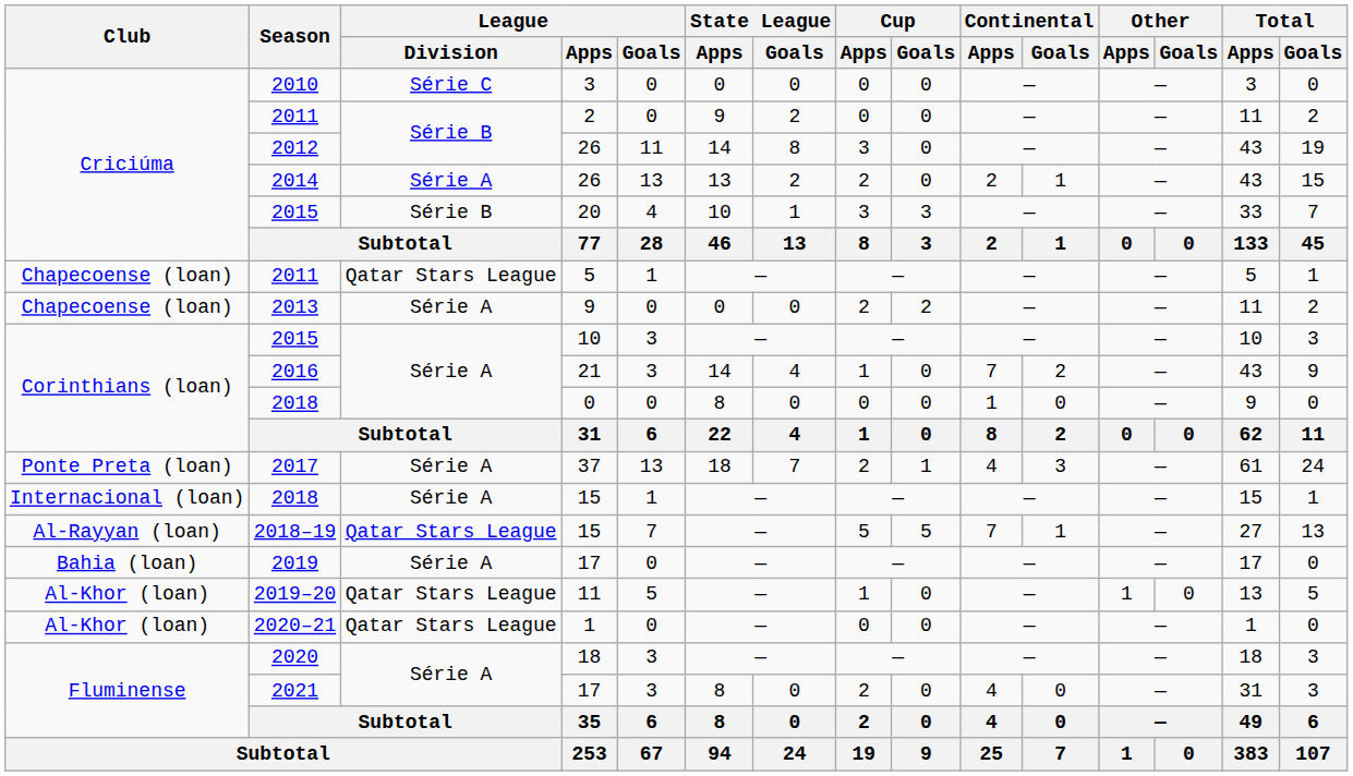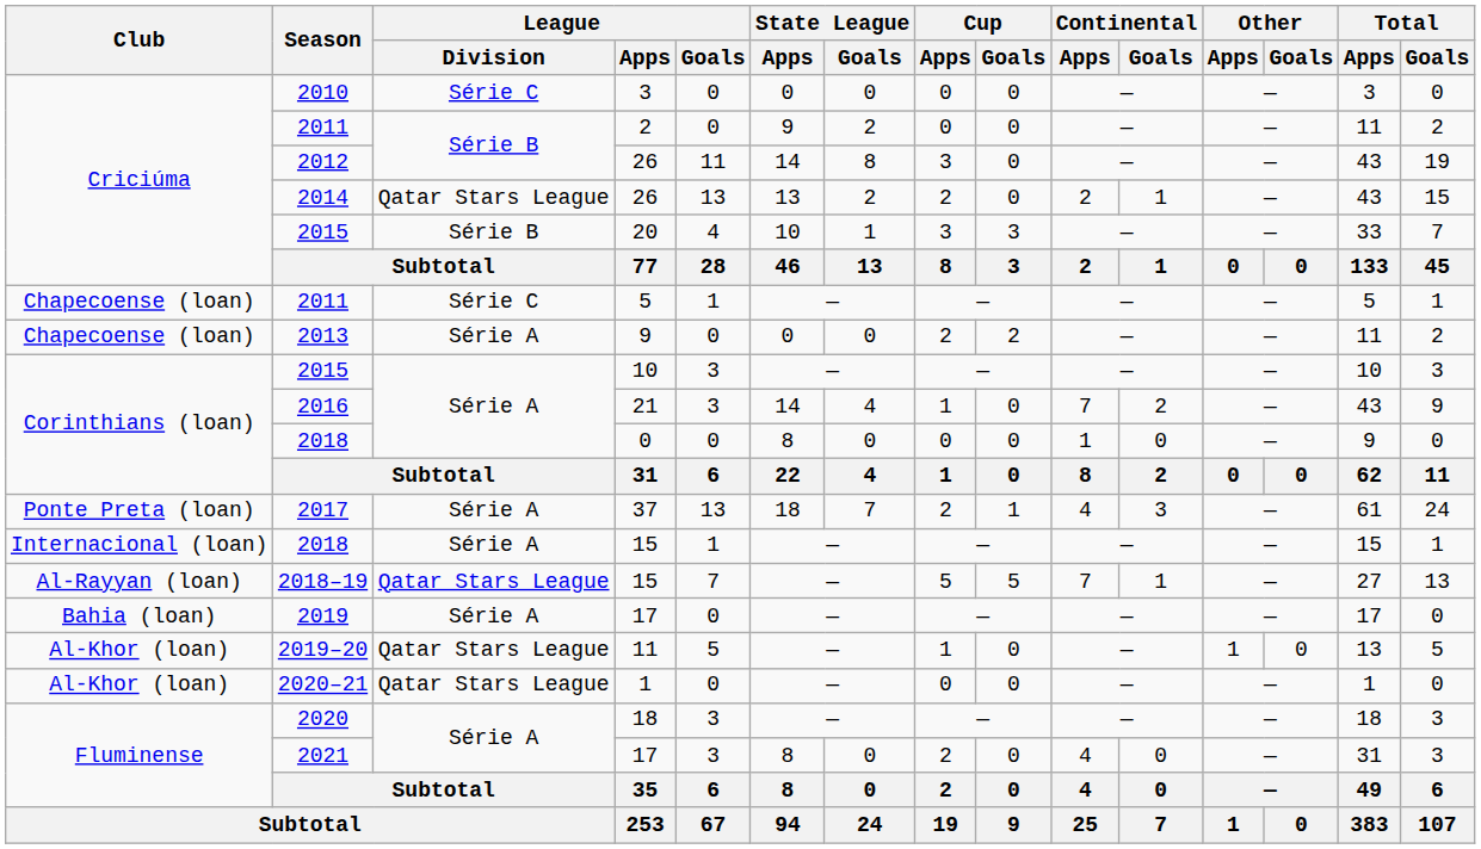 <table class="wikitable" style="text-align: center;">
 <tr>
 <th rowspan="2">Club</th>
 <th rowspan="2">Season</th>
 <th colspan="3">League</th>
 <th colspan="2">State League</th>
 <th colspan="2">Cup</th>
 <th colspan="2">Continental</th>
 <th colspan="2">Other</th>
 <th colspan="2">Total</th>
 </tr>
 <tr>
 <th>Division</th>
 <th>Apps</th>
 <th>Goals</th>
 <th>Apps</th>
 <th>Goals</th>
 <th>Apps</th>
 <th>Goals</th>
 <th>Apps</th>
 <th>Goals</th>
 <th>Apps</th>
 <th>Goals</th>
 <th>Apps</th>
 <th>Goals<br></th>
 </tr>
 <tr>
 <td rowspan="6"><a href='#'>Criciúma</a></td>
 <td><a href='#'>2010</a></td>
 <td><a href='#'>Série C</a></td>
 <td>3</td>
 <td>0</td>
 <td>0</td>
 <td>0</td>
 <td>0</td>
 <td>0</td>
 <td colspan="2">—</td>
 <td colspan="2">—</td>
 <td>3</td>
 <td>0</td>
 </tr>
 <tr>
 <td><a href='#'>2011</a></td>
 <td rowspan="2"><a href='#'>Série B</a></td>
 <td>2</td>
 <td>0</td>
 <td>9</td>
 <td>2</td>
 <td>0</td>
 <td>0</td>
 <td colspan="2">—</td>
 <td colspan="2">—</td>
 <td>11</td>
 <td>2</td>
 </tr>
 <tr>
 <td><a href='#'>2012</a></td>
 <td>26</td>
 <td>11</td>
 <td>14</td>
 <td>8</td>
 <td>3</td>
 <td>0</td>
 <td colspan="2">—</td>
 <td colspan="2">—</td>
 <td>43</td>
 <td>19</td>
 </tr>
 <tr>
 <td><a href='#'>2014</a></td>
-<td><a href='#'>Série A</a></td>
+<td>Qatar Stars League</td>
 <td>26</td>
 <td>13</td>
 <td>13</td>
 <td>2</td>
 <td>2</td>
 <td>0</td>
 <td>2</td>
 <td>1</td>
 <td colspan="2">—</td>
 <td>43</td>
 <td>15</td>
 </tr>
 <tr>
 <td><a href='#'>2015</a></td>
 <td>Série B</td>
 <td>20</td>
 <td>4</td>
 <td>10</td>
 <td>1</td>
 <td>3</td>
 <td>3</td>
 <td colspan="2">—</td>
 <td colspan="2">—</td>
 <td>33</td>
 <td>7</td>
 </tr>
 <tr>
 <th colspan="2">Subtotal</th>
 <th>77</th>
 <th>28</th>
 <th>46</th>
 <th>13</th>
 <th>8</th>
 <th>3</th>
 <th>2</th>
 <th>1</th>
 <th>0</th>
 <th>0</th>
 <th>133</th>
 <th>45</th>
 </tr>
 <tr>
 <td><a href='#'>Chapecoense</a> (loan)</td>
 <td><a href='#'>2011</a></td>
-<td>Qatar Stars League</td>
+<td>Série C</td>
 <td>5</td>
 <td>1</td>
 <td colspan="2">—</td>
 <td colspan="2">—</td>
 <td colspan="2">—</td>
 <td colspan="2">—</td>
 <td>5</td>
 <td>1</td>
 </tr>
 <tr>
 <td><a href='#'>Chapecoense</a> (loan)</td>
 <td><a href='#'>2013</a></td>
 <td>Série A</td>
 <td>9</td>
 <td>0</td>
 <td>0</td>
 <td>0</td>
 <td>2</td>
 <td>2</td>
 <td colspan="2">—</td>
 <td colspan="2">—</td>
 <td>11</td>
 <td>2</td>
 </tr>
 <tr>
 <td rowspan="4"><a href='#'>Corinthians</a> (loan)</td>
 <td><a href='#'>2015</a></td>
 <td rowspan="3">Série A</td>
 <td>10</td>
 <td>3</td>
 <td colspan="2">—</td>
 <td colspan="2">—</td>
 <td colspan="2">—</td>
 <td colspan="2">—</td>
 <td>10</td>
 <td>3</td>
 </tr>
 <tr>
 <td><a href='#'>2016</a></td>
 <td>21</td>
 <td>3</td>
 <td>14</td>
 <td>4</td>
 <td>1</td>
 <td>0</td>
 <td>7</td>
 <td>2</td>
 <td colspan="2">—</td>
 <td>43</td>
 <td>9</td>
 </tr>
 <tr>
 <td><a href='#'>2018</a></td>
 <td>0</td>
 <td>0</td>
 <td>8</td>
 <td>0</td>
 <td>0</td>
 <td>0</td>
 <td>1</td>
 <td>0</td>
 <td colspan="2">—</td>
 <td>9</td>
 <td>0</td>
 </tr>
 <tr>
 <th colspan="2">Subtotal</th>
 <th>31</th>
 <th>6</th>
 <th>22</th>
 <th>4</th>
 <th>1</th>
 <th>0</th>
 <th>8</th>
 <th>2</th>
 <th>0</th>
 <th>0</th>
 <th>62</th>
 <th>11</th>
 </tr>
 <tr>
 <td><a href='#'>Ponte Preta</a> (loan)</td>
 <td><a href='#'>2017</a></td>
 <td>Série A</td>
 <td>37</td>
 <td>13</td>
 <td>18</td>
 <td>7</td>
 <td>2</td>
 <td>1</td>
 <td>4</td>
 <td>3</td>
 <td colspan="2">—</td>
 <td>61</td>
 <td>24</td>
 </tr>
 <tr>
 <td><a href='#'>Internacional</a> (loan)</td>
 <td><a href='#'>2018</a></td>
 <td>Série A</td>
 <td>15</td>
 <td>1</td>
 <td colspan="2">—</td>
 <td colspan="2">—</td>
 <td colspan="2">—</td>
 <td colspan="2">—</td>
 <td>15</td>
 <td>1</td>
 </tr>
 <tr>
 <td><a href='#'>Al-Rayyan</a> (loan)</td>
 <td><a href='#'>2018–19</a></td>
 <td><a href='#'>Qatar Stars League</a></td>
 <td>15</td>
 <td>7</td>
 <td colspan="2">—</td>
 <td>5</td>
 <td>5</td>
 <td>7</td>
 <td>1</td>
 <td colspan="2">—</td>
 <td>27</td>
 <td>13</td>
 </tr>
 <tr>
 <td><a href='#'>Bahia</a> (loan)</td>
 <td><a href='#'>2019</a></td>
 <td>Série A</td>
 <td>17</td>
 <td>0</td>
 <td colspan="2">—</td>
 <td colspan="2">—</td>
 <td colspan="2">—</td>
 <td colspan="2">—</td>
 <td>17</td>
 <td>0</td>
 </tr>
 <tr>
 <td><a href='#'>Al-Khor</a> (loan)</td>
 <td><a href='#'>2019–20</a></td>
 <td>Qatar Stars League</td>
 <td>11</td>
 <td>5</td>
 <td colspan="2">—</td>
 <td>1</td>
 <td>0</td>
 <td colspan="2">—</td>
 <td>1</td>
 <td>0</td>
 <td>13</td>
 <td>5</td>
 </tr>
 <tr>
 <td><a href='#'>Al-Khor</a> (loan)</td>
 <td><a href='#'>2020–21</a></td>
 <td>Qatar Stars League</td>
 <td>1</td>
 <td>0</td>
 <td colspan="2">—</td>
 <td>0</td>
 <td>0</td>
 <td colspan="2">—</td>
 <td colspan="2">—</td>
 <td>1</td>
 <td>0</td>
 </tr>
 <tr>
 <td rowspan="3"><a href='#'>Fluminense</a></td>
 <td><a href='#'>2020</a></td>
 <td rowspan="2">Série A</td>
 <td>18</td>
 <td>3</td>
 <td colspan="2">—</td>
 <td colspan="2">—</td>
 <td colspan="2">—</td>
 <td colspan="2">—</td>
 <td>18</td>
 <td>3</td>
 </tr>
 <tr>
 <td><a href='#'>2021</a></td>
 <td>17</td>
 <td>3</td>
 <td>8</td>
 <td>0</td>
 <td>2</td>
 <td>0</td>
 <td>4</td>
 <td>0</td>
 <td colspan="2">—</td>
 <td>31</td>
 <td>3</td>
 </tr>
 <tr>
 <th colspan="2">Subtotal</th>
 <th>35</th>
 <th>6</th>
 <th>8</th>
 <th>0</th>
 <th>2</th>
 <th>0</th>
 <th>4</th>
 <th>0</th>
 <th colspan="2">—</th>
 <th>49</th>
 <th>6</th>
 </tr>
 <tr>
 <th colspan="3">Subtotal</th>
 <th>253</th>
 <th>67</th>
 <th>94</th>
 <th>24</th>
 <th>19</th>
 <th>9</th>
 <th>25</th>
 <th>7</th>
 <th>1</th>
 <th>0</th>
 <th>383</th>
 <th>107</th>
 </tr>
 </table>
